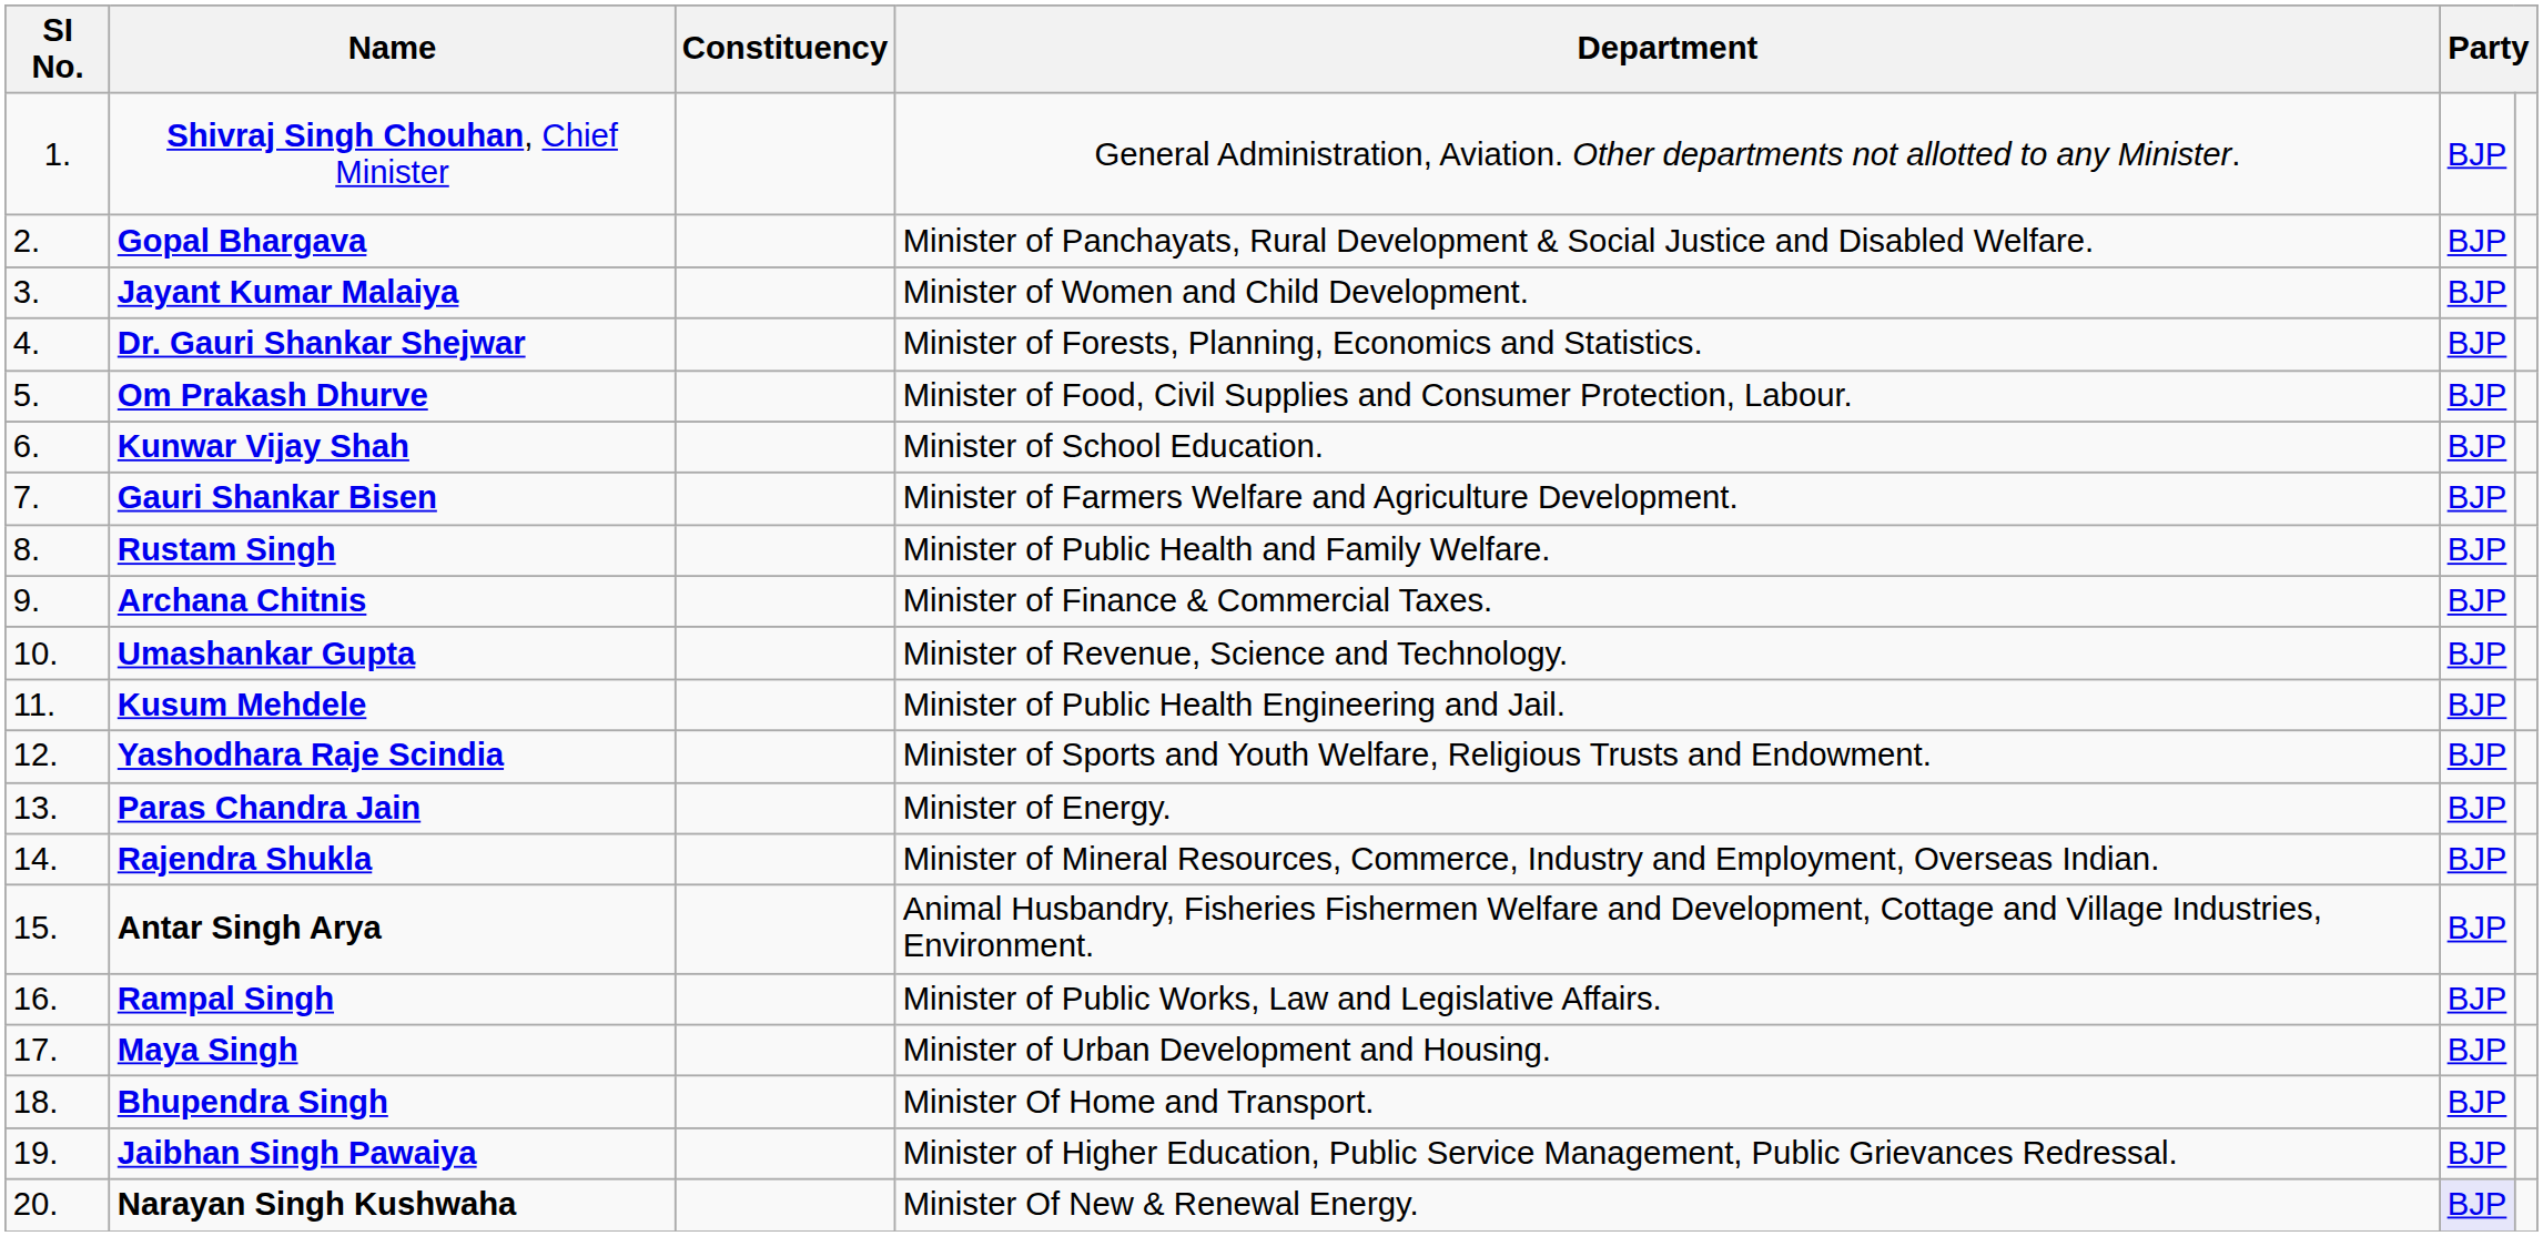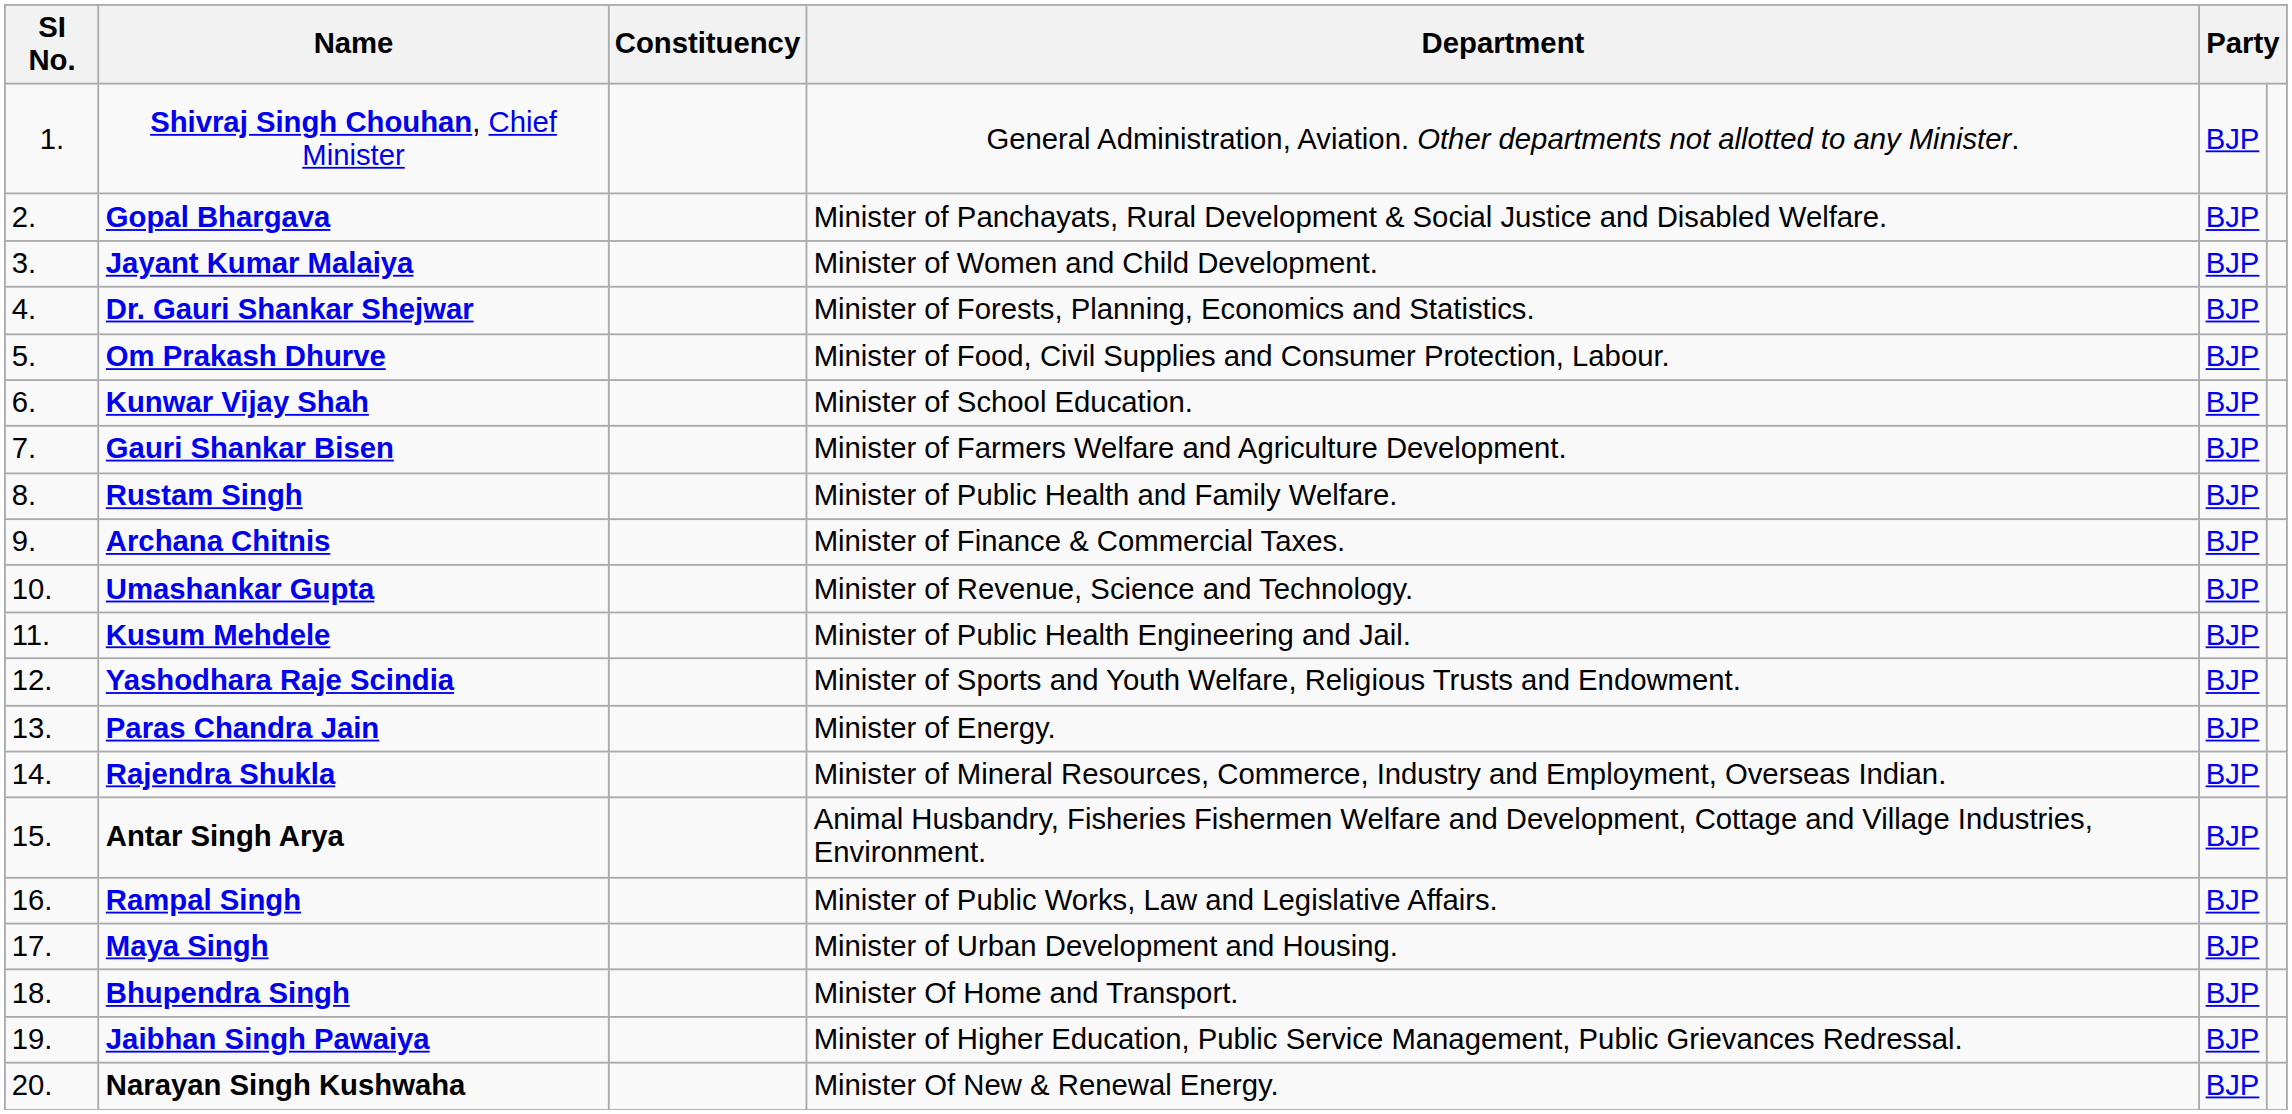 <table class = "wikitable">
 <tr>
 <th>SI No.</th>
 <th>Name</th>
 <th>Constituency</th>
 <th>Department</th>
 <th colspan="2" scope="col">Party</th>
 </tr>
 <tr style="text-align:center; height:60px;">
 <td>1.</td>
 <td><strong><a href='#'>Shivraj Singh Chouhan</a></strong>, <a href='#'>Chief Minister</a></td>
 <td></td>
 <td>General Administration, Aviation. <em>Other departments not allotted to any Minister</em>.</td>
 <td><a href='#'>BJP</a></td>
 <td width="4px" style="background-color: "></td>
 </tr>
 <tr>
 <td>2.</td>
 <td><strong><a href='#'>Gopal Bhargava</a></strong></td>
 <td></td>
 <td>Minister of Panchayats, Rural Development & Social Justice and Disabled Welfare.</td>
 <td><a href='#'>BJP</a></td>
 <td width="4px" style="background-color: "></td>
 </tr>
 <tr>
 <td>3.</td>
 <td><strong><a href='#'>Jayant Kumar Malaiya</a></strong></td>
 <td></td>
 <td>Minister of Women and Child Development.</td>
 <td><a href='#'>BJP</a></td>
 <td width="4px" style="background-color: "></td>
 </tr>
 <tr>
 <td>4.</td>
 <td><strong><a href='#'>Dr. Gauri Shankar Shejwar</a></strong></td>
 <td></td>
 <td>Minister of Forests, Planning, Economics and Statistics.</td>
 <td><a href='#'>BJP</a></td>
 <td width="4px" style="background-color: "></td>
 </tr>
 <tr>
 <td>5.</td>
 <td><strong><a href='#'>Om Prakash Dhurve</a></strong></td>
 <td></td>
 <td>Minister of Food, Civil Supplies and Consumer Protection, Labour.</td>
 <td><a href='#'>BJP</a></td>
 <td width="4px" style="background-color: "></td>
 </tr>
 <tr>
 <td>6.</td>
 <td><strong><a href='#'>Kunwar Vijay Shah</a></strong></td>
 <td></td>
 <td>Minister of School Education.</td>
 <td><a href='#'>BJP</a></td>
 <td width="4px" style="background-color: "></td>
 </tr>
 <tr>
 <td>7.</td>
 <td><strong><a href='#'>Gauri Shankar Bisen</a></strong></td>
 <td></td>
 <td>Minister of Farmers Welfare and Agriculture Development.</td>
 <td><a href='#'>BJP</a></td>
 <td width="4px" style="background-color: "></td>
 </tr>
 <tr>
 <td>8.</td>
 <td><strong><a href='#'>Rustam Singh</a></strong></td>
 <td></td>
 <td>Minister of Public Health and Family Welfare.</td>
 <td><a href='#'>BJP</a></td>
 <td width="4px" style="background-color: "></td>
 </tr>
 <tr>
 <td>9.</td>
 <td><strong><a href='#'>Archana Chitnis</a></strong></td>
 <td></td>
 <td>Minister of Finance & Commercial Taxes.</td>
 <td><a href='#'>BJP</a></td>
 <td width="4px" style="background-color: "></td>
 </tr>
 <tr>
 <td>10.</td>
 <td><strong><a href='#'>Umashankar Gupta</a></strong></td>
 <td></td>
 <td>Minister of Revenue, Science and Technology.</td>
 <td><a href='#'>BJP</a></td>
 <td width="4px" style="background-color: "></td>
 </tr>
 <tr>
 <td>11.</td>
 <td><strong><a href='#'>Kusum Mehdele</a></strong></td>
 <td></td>
 <td>Minister of Public Health Engineering and Jail.</td>
 <td><a href='#'>BJP</a></td>
 <td width="4px" style="background-color: "></td>
 </tr>
 <tr>
 <td>12.</td>
 <td><strong><a href='#'>Yashodhara Raje Scindia</a></strong></td>
 <td></td>
 <td>Minister of Sports and Youth Welfare, Religious Trusts and Endowment.</td>
 <td><a href='#'>BJP</a></td>
 <td width="4px" style="background-color: "></td>
 </tr>
 <tr>
 <td>13.</td>
 <td><strong><a href='#'>Paras Chandra Jain</a></strong></td>
 <td></td>
 <td>Minister of Energy.</td>
 <td><a href='#'>BJP</a></td>
 <td width="4px" style="background-color: "></td>
 </tr>
 <tr>
 <td>14.</td>
 <td><strong><a href='#'>Rajendra Shukla</a></strong></td>
 <td></td>
 <td>Minister of Mineral Resources, Commerce, Industry and Employment, Overseas Indian.</td>
 <td><a href='#'>BJP</a></td>
 <td width="4px" style="background-color: "></td>
 </tr>
 <tr>
 <td>15.</td>
 <td><strong>Antar Singh Arya</strong></td>
 <td></td>
 <td>Animal Husbandry, Fisheries Fishermen Welfare and Development, Cottage and Village Industries, Environment.</td>
 <td><a href='#'>BJP</a></td>
 <td width="4px" style="background-color: "></td>
 </tr>
 <tr>
 <td>16.</td>
 <td><strong><a href='#'>Rampal Singh</a></strong></td>
 <td></td>
 <td>Minister of Public Works, Law and Legislative Affairs.</td>
 <td><a href='#'>BJP</a></td>
 <td width="4px" style="background-color: "></td>
 </tr>
 <tr>
 <td>17.</td>
 <td><strong><a href='#'>Maya Singh</a></strong></td>
 <td></td>
 <td>Minister of Urban Development and Housing.</td>
 <td><a href='#'>BJP</a></td>
 <td width="4px" style="background-color: "></td>
 </tr>
 <tr>
 <td>18.</td>
 <td><strong><a href='#'>Bhupendra Singh</a></strong></td>
 <td></td>
 <td>Minister Of Home and Transport.</td>
 <td><a href='#'>BJP</a></td>
 <td width="4px" style="background-color: "></td>
 </tr>
 <tr>
 <td>19.</td>
 <td><strong><a href='#'>Jaibhan Singh Pawaiya</a></strong></td>
 <td></td>
 <td>Minister of Higher Education, Public Service Management, Public Grievances Redressal.</td>
 <td><a href='#'>BJP</a></td>
 <td width="4px" style="background-color: "></td>
 </tr>
 <tr>
 <td>20.</td>
 <td><strong>Narayan Singh Kushwaha</strong></td>
 <td></td>
 <td>Minister Of New & Renewal Energy.</td>
-<td style="background: lavender;"><a href='#'>BJP</a></td>
+<td><a href='#'>BJP</a></td>
 <td width="4px" style="background-color: "></td>
 </tr>
 <tr>
 </tr>
 </table>
